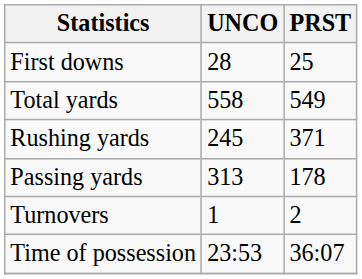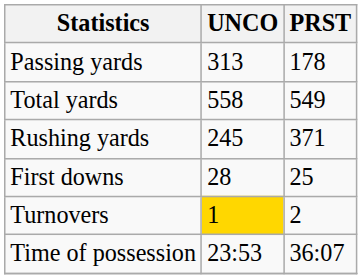 <table class="wikitable">
 <tr>
 <th>Statistics</th>
 <th>UNCO</th>
 <th>PRST</th>
 </tr>
 <tr>
-<td>First downs</td>
-<td>28</td>
-<td>25</td>
+<td>Passing yards</td>
+<td>313</td>
+<td>178</td>
 </tr>
 <tr>
 <td>Total yards</td>
 <td>558</td>
 <td>549</td>
 </tr>
 <tr>
 <td>Rushing yards</td>
 <td>245</td>
 <td>371</td>
 </tr>
 <tr>
-<td>Passing yards</td>
-<td>313</td>
-<td>178</td>
+<td>First downs</td>
+<td>28</td>
+<td>25</td>
 </tr>
 <tr>
 <td>Turnovers</td>
-<td>1</td>
+<td style="background: gold;">1</td>
 <td>2</td>
 </tr>
 <tr>
 <td>Time of possession</td>
 <td>23:53</td>
 <td>36:07</td>
 </tr>
 <tr>
 </tr>
 </table>
